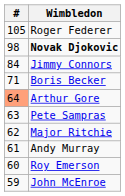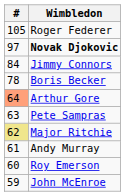 <table class=wikitable style="display:inline-table;">
 <tr>
 <th>#</th>
 <th>Wimbledon</th>
 </tr>
 <tr>
 <td>105</td>
 <td> Roger Federer</td>
 </tr>
 <tr>
-<td>98</td>
+<td>97</td>
 <td> <strong>Novak Djokovic</strong></td>
 </tr>
 <tr>
 <td>84</td>
 <td> <a href='#'>Jimmy Connors</a></td>
 </tr>
 <tr>
-<td>71</td>
+<td>78</td>
 <td> <a href='#'>Boris Becker</a></td>
 </tr>
 <tr>
 <td style="background: lightsalmon;">64</td>
 <td> <a href='#'>Arthur Gore</a></td>
 </tr>
 <tr>
 <td>63</td>
 <td> <a href='#'>Pete Sampras</a></td>
 </tr>
 <tr>
-<td>62</td>
+<td style="background: khaki;">62</td>
 <td> <a href='#'>Major Ritchie</a></td>
 </tr>
 <tr>
 <td>61</td>
 <td> Andy Murray</td>
 </tr>
 <tr>
 <td>60</td>
 <td> <a href='#'>Roy Emerson</a></td>
 </tr>
 <tr>
 <td>59</td>
 <td> <a href='#'>John McEnroe</a></td>
 </tr>
 </table>
